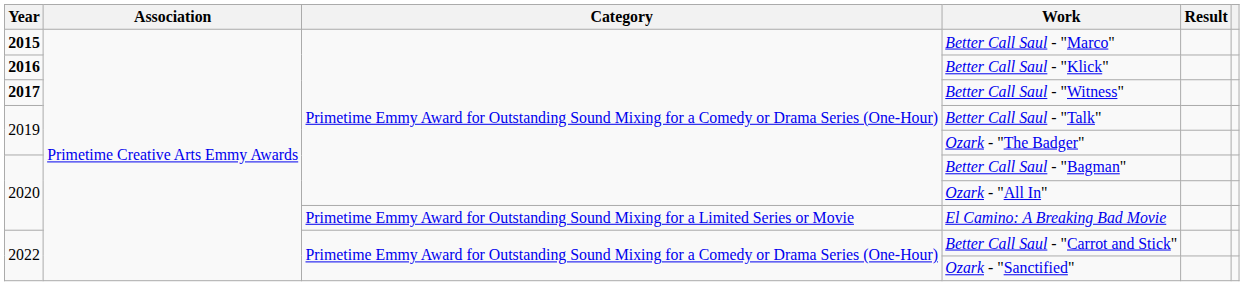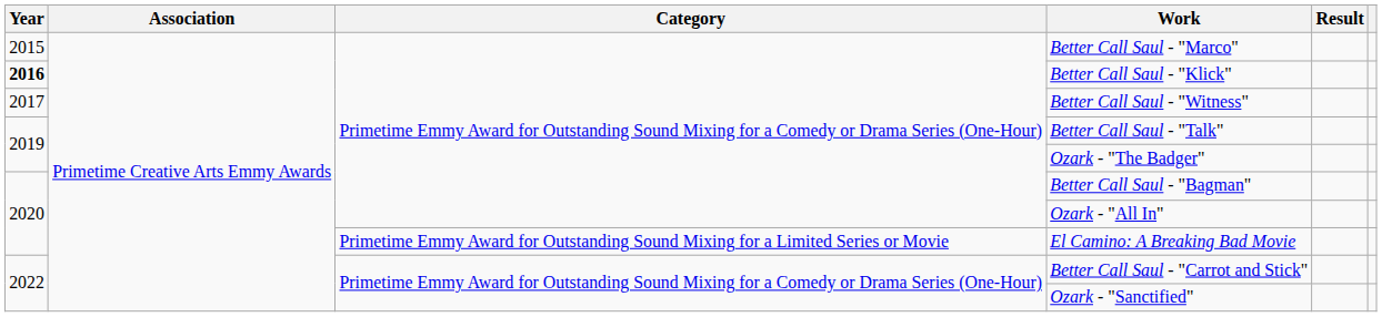 <table class="wikitable sortable">
 <tr>
 <th>Year</th>
 <th>Association</th>
 <th>Category</th>
 <th>Work</th>
 <th>Result</th>
 <th class="unsortable"></th>
 </tr>
 <tr>
-<td align="center"><strong>2015</strong></td>
+<td align="center">2015</td>
 <td rowspan="10"><a href='#'>Primetime Creative Arts Emmy Awards</a></td>
 <td rowspan="7"><a href='#'>Primetime Emmy Award for Outstanding Sound Mixing for a Comedy or Drama Series (One-Hour)</a></td>
 <td><em><a href='#'>Better Call Saul</a></em> - "<a href='#'>Marco</a>"</td>
 <td></td>
 <td></td>
 </tr>
 <tr>
 <td align="center"><strong>2016</strong></td>
 <td><em><a href='#'>Better Call Saul</a></em> - "<a href='#'>Klick</a>"</td>
 <td></td>
 <td></td>
 </tr>
 <tr>
-<td align="center"><strong>2017</strong></td>
+<td align="center">2017</td>
 <td><em><a href='#'>Better Call Saul</a></em> - "<a href='#'>Witness</a>"</td>
 <td></td>
 <td></td>
 </tr>
 <tr>
 <td align="center"rowspan=2>2019</td>
 <td><em><a href='#'>Better Call Saul</a></em> - "<a href='#'>Talk</a>"</td>
 <td></td>
 <td></td>
 </tr>
 <tr>
 <td><em><a href='#'>Ozark</a></em> - "<a href='#'>The Badger</a>"</td>
 <td></td>
 <td></td>
 </tr>
 <tr>
 <td align="center"rowspan="3">2020</td>
 <td><em><a href='#'>Better Call Saul</a></em> - "<a href='#'>Bagman</a>"</td>
 <td></td>
 <td></td>
 </tr>
 <tr>
 <td><em><a href='#'>Ozark</a></em> - "<a href='#'>All In</a>"</td>
 <td></td>
 <td></td>
 </tr>
 <tr>
 <td><a href='#'>Primetime Emmy Award for Outstanding Sound Mixing for a Limited Series or Movie</a></td>
 <td><em><a href='#'>El Camino: A Breaking Bad Movie</a></em></td>
 <td></td>
 <td></td>
 </tr>
 <tr>
 <td align="center"rowspan="2">2022</td>
 <td rowspan="2"><a href='#'>Primetime Emmy Award for Outstanding Sound Mixing for a Comedy or Drama Series (One-Hour)</a></td>
 <td><em><a href='#'>Better Call Saul</a></em> - "<a href='#'>Carrot and Stick</a>"</td>
 <td></td>
 <td></td>
 </tr>
 <tr>
 <td><a href='#'><em>Ozark</em></a> - "<a href='#'>Sanctified</a>"</td>
 <td></td>
 <td></td>
 </tr>
 </table>
